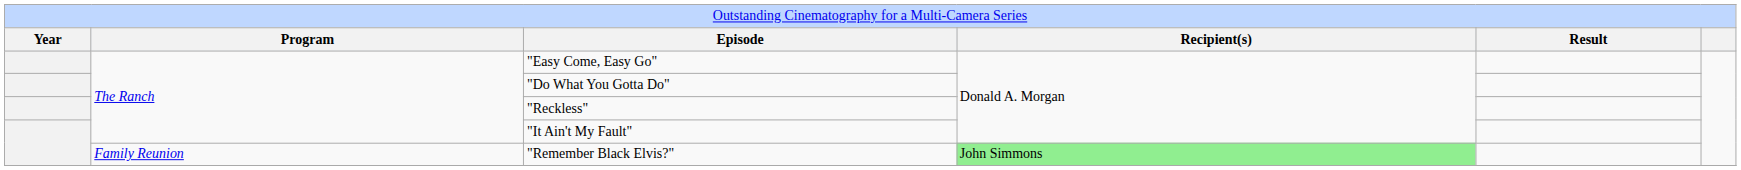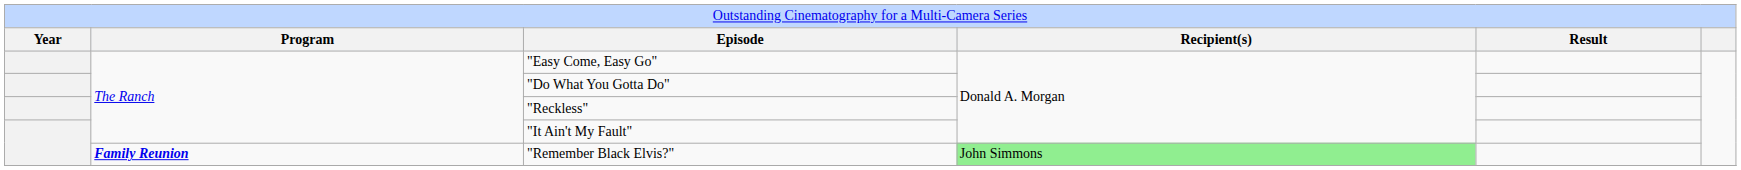 <table class="wikitable plainrowheaders" style="font-size: 90%" width=90%>
 <tr ---- bgcolor="#bfd7ff">
 <td colspan=6 align=center><a href='#'>Outstanding Cinematography for a Multi-Camera Series</a></td>
 </tr>
 <tr ---- bgcolor="#ebf5ff">
 <th width="5%">Year</th>
 <th width="25%">Program</th>
 <th width="25%">Episode</th>
 <th width="30%">Recipient(s)</th>
 <th width="13%">Result</th>
 <th width="5%"></th>
 </tr>
 <tr>
 <th scope=row></th>
 <td rowspan="4"><em><a href='#'>The Ranch</a></em></td>
 <td>"Easy Come, Easy Go"</td>
 <td rowspan="4">Donald A. Morgan</td>
 <td></td>
 <td rowspan="5"></td>
 </tr>
 <tr>
 <th scope=row></th>
 <td>"Do What You Gotta Do"</td>
 <td></td>
 </tr>
 <tr>
 <th scope=row></th>
 <td>"Reckless"</td>
 <td></td>
 </tr>
 <tr>
 <th rowspan="2" scope=row></th>
 <td>"It Ain't My Fault"</td>
 <td></td>
 </tr>
 <tr>
-<td><em><a href='#'>Family Reunion</a></em></td>
+<td><strong><em><a href='#'>Family Reunion</a></em></strong></td>
 <td>"Remember Black Elvis?"</td>
 <td style="background: lightgreen;">John Simmons</td>
 <td></td>
 </tr>
 <tr>
 </tr>
 </table>
